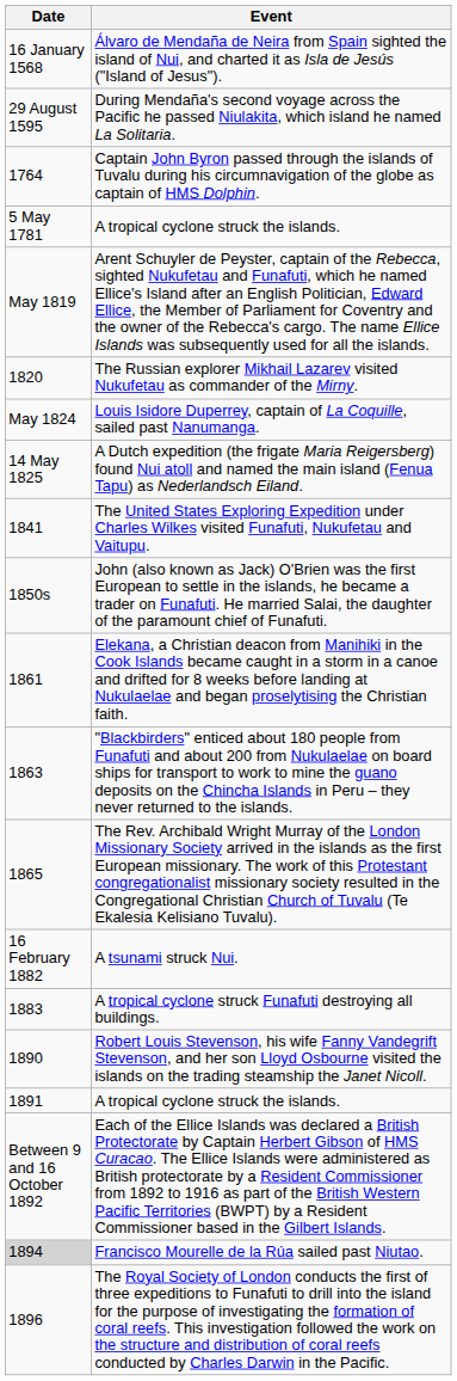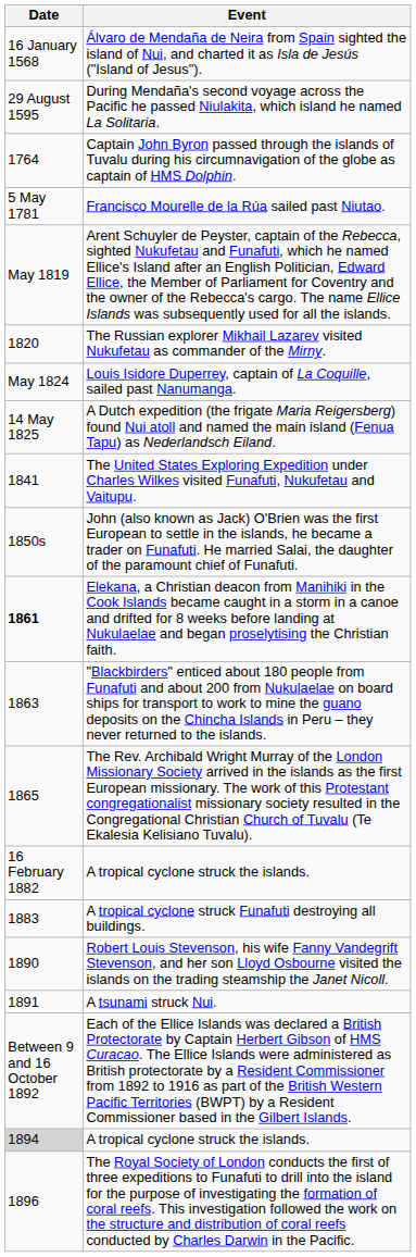 <table class="wikitable" style="width: 75%; border:1px solid; padding=2; border-spacing: 0;">
 <tr>
 <th>Date</th>
 <th>Event</th>
 </tr>
 <tr>
 <td>16 January 1568</td>
 <td><a href='#'>Álvaro de Mendaña de Neira</a> from <a href='#'>Spain</a> sighted the island of <a href='#'>Nui</a>, and charted it as <em>Isla de Jesús</em> ("Island of Jesus").</td>
 </tr>
 <tr>
 <td>29 August 1595</td>
 <td>During Mendaña's second voyage across the Pacific he passed <a href='#'>Niulakita</a>, which island he named <em>La Solitaria</em>.</td>
 </tr>
 <tr>
 <td>1764</td>
 <td>Captain <a href='#'>John Byron</a> passed through the islands of Tuvalu during his circumnavigation of the globe as captain of <a href='#'>HMS <em>Dolphin</em></a>.</td>
 </tr>
 <tr>
 <td>5 May 1781</td>
-<td>A tropical cyclone struck the islands.</td>
+<td><a href='#'>Francisco Mourelle de la Rúa</a> sailed past <a href='#'>Niutao</a>.</td>
 </tr>
 <tr>
 <td>May 1819</td>
 <td>Arent Schuyler de Peyster, captain of the <em>Rebecca</em>, sighted <a href='#'>Nukufetau</a> and <a href='#'>Funafuti</a>, which he named Ellice's Island after an English Politician, <a href='#'>Edward Ellice</a>, the Member of Parliament for Coventry and the owner of the Rebecca's cargo. The name <em>Ellice Islands</em> was subsequently used for all the islands.</td>
 </tr>
 <tr>
 <td>1820</td>
 <td>The Russian explorer <a href='#'>Mikhail Lazarev</a> visited <a href='#'>Nukufetau</a> as commander of the <a href='#'><em>Mirny</em></a>.</td>
 </tr>
 <tr>
 <td>May 1824</td>
 <td><a href='#'>Louis Isidore Duperrey</a>, captain of <a href='#'><em>La Coquille</em></a>, sailed past <a href='#'>Nanumanga</a>.</td>
 </tr>
 <tr>
 <td>14  May 1825</td>
 <td>A Dutch expedition (the frigate <em>Maria Reigersberg</em>) found <a href='#'>Nui atoll</a> and named the main island (<a href='#'>Fenua Tapu</a>) as <em>Nederlandsch Eiland</em>.</td>
 </tr>
 <tr>
 <td>1841</td>
 <td>The <a href='#'>United States Exploring Expedition</a> under <a href='#'>Charles Wilkes</a> visited <a href='#'>Funafuti</a>, <a href='#'>Nukufetau</a> and <a href='#'>Vaitupu</a>.</td>
 </tr>
 <tr>
 <td>1850s</td>
 <td>John (also known as Jack) O'Brien was the first European to settle in the islands, he became a trader on <a href='#'>Funafuti</a>. He married Salai, the daughter of the paramount chief of Funafuti.</td>
 </tr>
 <tr>
-<td>1861</td>
+<td><strong>1861</strong></td>
 <td><a href='#'>Elekana</a>, a Christian deacon from <a href='#'>Manihiki</a> in the <a href='#'>Cook Islands</a> became caught in a storm in a canoe and drifted for 8 weeks before landing at <a href='#'>Nukulaelae</a> and began <a href='#'>proselytising</a> the Christian faith.</td>
 </tr>
 <tr>
 <td>1863</td>
 <td>"<a href='#'>Blackbirders</a>" enticed about 180 people from <a href='#'>Funafuti</a> and about 200 from <a href='#'>Nukulaelae</a> on board ships for transport to work to mine the <a href='#'>guano</a> deposits on the <a href='#'>Chincha Islands</a> in Peru – they never returned to the islands.</td>
 </tr>
 <tr>
 <td>1865</td>
 <td>The Rev. Archibald Wright Murray of the <a href='#'>London Missionary Society</a> arrived in the islands as the first European missionary. The work of this <a href='#'>Protestant</a> <a href='#'>congregationalist</a> missionary society resulted in the Congregational Christian <a href='#'>Church of Tuvalu</a> (Te Ekalesia Kelisiano Tuvalu).</td>
 </tr>
 <tr>
 <td>16 February 1882</td>
-<td>A <a href='#'>tsunami</a>  struck <a href='#'>Nui</a>.</td>
+<td>A tropical cyclone struck the islands.</td>
 </tr>
 <tr>
 <td>1883</td>
 <td>A <a href='#'>tropical cyclone</a> struck <a href='#'>Funafuti</a> destroying all buildings.</td>
 </tr>
 <tr>
 <td>1890</td>
 <td><a href='#'>Robert Louis Stevenson</a>, his wife <a href='#'>Fanny Vandegrift Stevenson</a>, and her son <a href='#'>Lloyd Osbourne</a> visited the islands on the trading steamship the <em>Janet Nicoll</em>.</td>
 </tr>
 <tr>
 <td>1891</td>
-<td>A tropical cyclone struck the islands.</td>
+<td>A <a href='#'>tsunami</a>  struck <a href='#'>Nui</a>.</td>
 </tr>
 <tr>
 <td>Between 9 and 16 October 1892</td>
 <td>Each of the Ellice Islands was declared a <a href='#'>British Protectorate</a> by Captain <a href='#'>Herbert Gibson</a> of <a href='#'>HMS <em>Curacao</em></a>. The Ellice Islands were administered as British protectorate by a <a href='#'>Resident Commissioner</a> from 1892 to 1916 as part of the <a href='#'>British Western Pacific Territories</a> (BWPT) by a Resident Commissioner based in the <a href='#'>Gilbert Islands</a>.</td>
 </tr>
 <tr>
 <td style="background: lightgrey;">1894</td>
-<td><a href='#'>Francisco Mourelle de la Rúa</a> sailed past <a href='#'>Niutao</a>.</td>
+<td>A tropical cyclone struck the islands.</td>
 </tr>
 <tr>
 <td>1896</td>
 <td>The <a href='#'>Royal Society of London</a> conducts the first of three expeditions to Funafuti to drill into the island for the purpose of investigating the <a href='#'>formation of coral reefs</a>. This investigation followed the work on <a href='#'>the structure and distribution of coral reefs</a> conducted by <a href='#'>Charles Darwin</a> in the Pacific.</td>
 </tr>
 </table>
